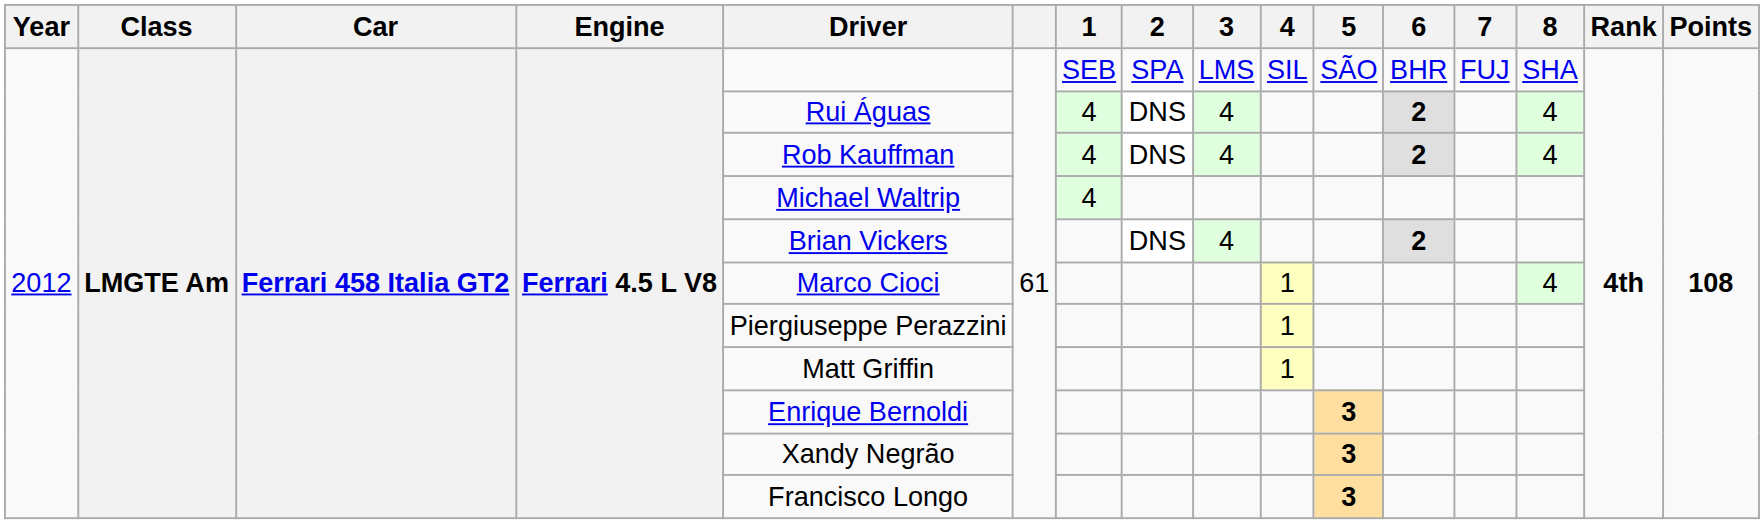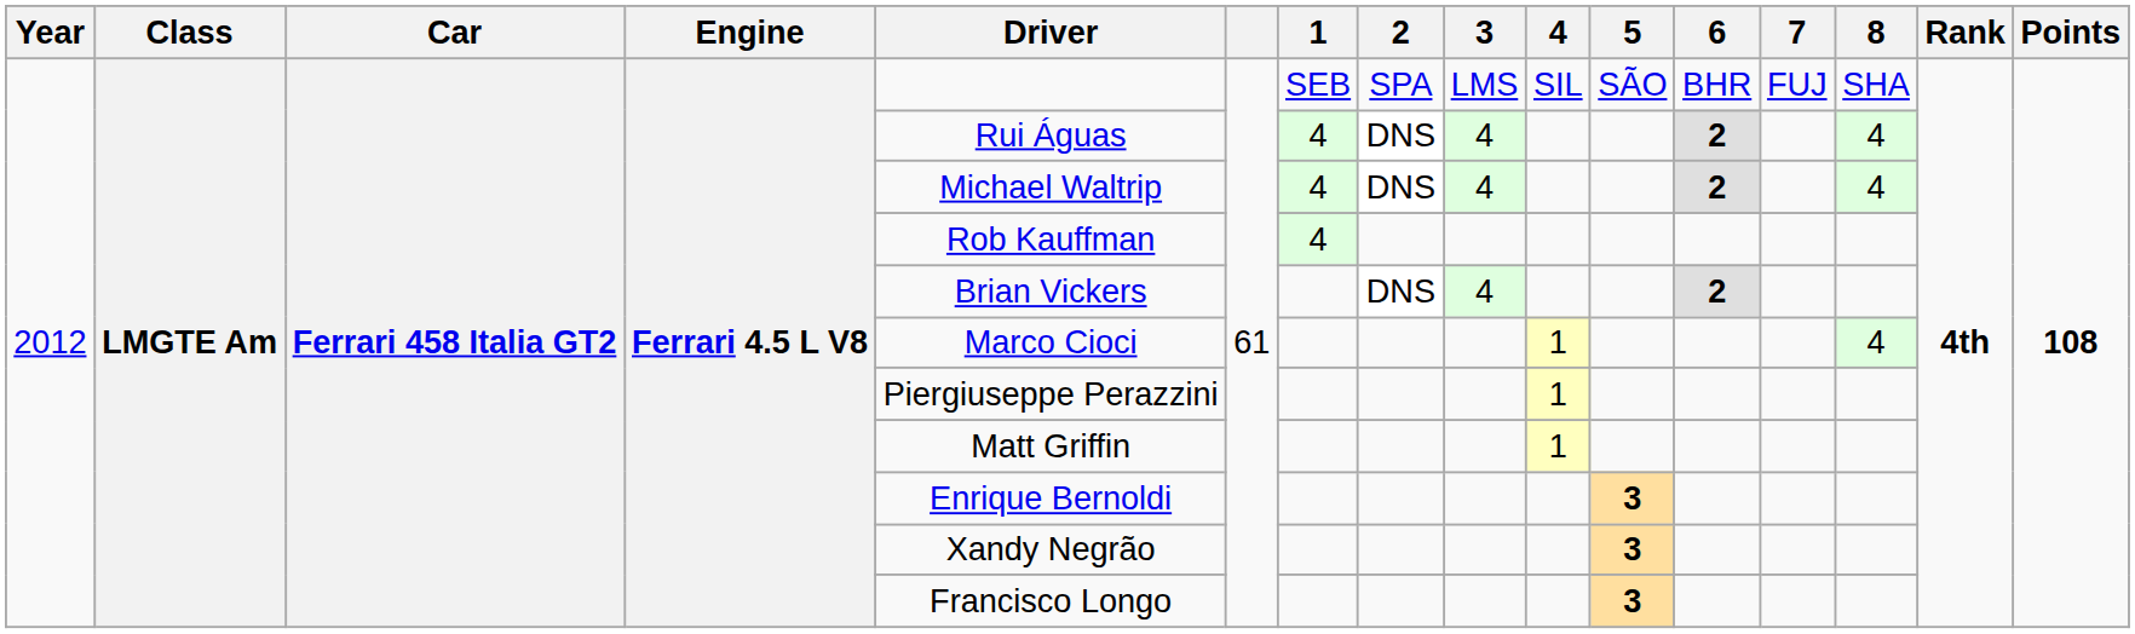 <table class="wikitable" style="text-align:center; font-size:90%">
 <tr>
 <th>Year</th>
 <th>Class</th>
 <th>Car</th>
 <th>Engine</th>
 <th>Driver</th>
 <th></th>
 <th>1</th>
 <th>2</th>
 <th>3</th>
 <th>4</th>
 <th>5</th>
 <th>6</th>
 <th>7</th>
 <th>8</th>
 <th>Rank</th>
 <th>Points</th>
 </tr>
 <tr>
 <td rowspan=11><a href='#'>2012</a></td>
 <th rowspan=11>LMGTE Am</th>
 <th rowspan=11><a href='#'>Ferrari 458 Italia GT2</a></th>
 <th rowspan=11><a href='#'>Ferrari</a> 4.5 L V8</th>
 <td></td>
 <td rowspan=11>61</td>
 <td><a href='#'>SEB</a></td>
 <td><a href='#'>SPA</a></td>
 <td><a href='#'>LMS</a></td>
 <td><a href='#'>SIL</a></td>
 <td><a href='#'>SÃO</a></td>
 <td><a href='#'>BHR</a></td>
 <td><a href='#'>FUJ</a></td>
 <td><a href='#'>SHA</a></td>
 <td rowspan=11><strong>4th</strong></td>
 <td rowspan=11><strong>108</strong></td>
 </tr>
 <tr>
 <td> <a href='#'>Rui Águas</a></td>
 <td style="background:#DFFFDF;">4</td>
 <td style="background:#FFFFFF;">DNS</td>
 <td style="background:#DFFFDF;">4</td>
 <td></td>
 <td></td>
 <td style="background:#DFDFDF;"><strong>2</strong></td>
 <td></td>
 <td style="background:#DFFFDF;">4</td>
 </tr>
 <tr>
-<td> <a href='#'>Rob Kauffman</a></td>
+<td> <a href='#'>Michael Waltrip</a></td>
 <td style="background:#DFFFDF;">4</td>
 <td style="background:#FFFFFF;">DNS</td>
 <td style="background:#DFFFDF;">4</td>
 <td></td>
 <td></td>
 <td style="background:#DFDFDF;"><strong>2</strong></td>
 <td></td>
 <td style="background:#DFFFDF;">4</td>
 </tr>
 <tr>
-<td> <a href='#'>Michael Waltrip</a></td>
+<td> <a href='#'>Rob Kauffman</a></td>
 <td style="background:#DFFFDF;">4</td>
 <td></td>
 <td></td>
 <td></td>
 <td></td>
 <td></td>
 <td></td>
 <td></td>
 </tr>
 <tr>
 <td> <a href='#'>Brian Vickers</a></td>
 <td></td>
 <td style="background:#FFFFFF;">DNS</td>
 <td style="background:#DFFFDF;">4</td>
 <td></td>
 <td></td>
 <td style="background:#DFDFDF;"><strong>2</strong></td>
 <td></td>
 <td></td>
 </tr>
 <tr>
 <td> <a href='#'>Marco Cioci</a></td>
 <td></td>
 <td></td>
 <td></td>
 <td style="background:#FFFFBF;">1</td>
 <td></td>
 <td></td>
 <td></td>
 <td style="background:#DFFFDF;">4</td>
 </tr>
 <tr>
 <td> Piergiuseppe Perazzini</td>
 <td></td>
 <td></td>
 <td></td>
 <td style="background:#FFFFBF;">1</td>
 <td></td>
 <td></td>
 <td></td>
 <td></td>
 </tr>
 <tr>
 <td> Matt Griffin</td>
 <td></td>
 <td></td>
 <td></td>
 <td style="background:#FFFFBF;">1</td>
 <td></td>
 <td></td>
 <td></td>
 <td></td>
 </tr>
 <tr>
 <td> <a href='#'>Enrique Bernoldi</a></td>
 <td></td>
 <td></td>
 <td></td>
 <td></td>
 <td style="background:#FFDF9F;"><strong>3</strong></td>
 <td></td>
 <td></td>
 <td></td>
 </tr>
 <tr>
 <td> Xandy Negrão</td>
 <td></td>
 <td></td>
 <td></td>
 <td></td>
 <td style="background:#FFDF9F;"><strong>3</strong></td>
 <td></td>
 <td></td>
 <td></td>
 </tr>
 <tr>
 <td> Francisco Longo</td>
 <td></td>
 <td></td>
 <td></td>
 <td></td>
 <td style="background:#FFDF9F;"><strong>3</strong></td>
 <td></td>
 <td></td>
 <td></td>
 </tr>
 </table>
